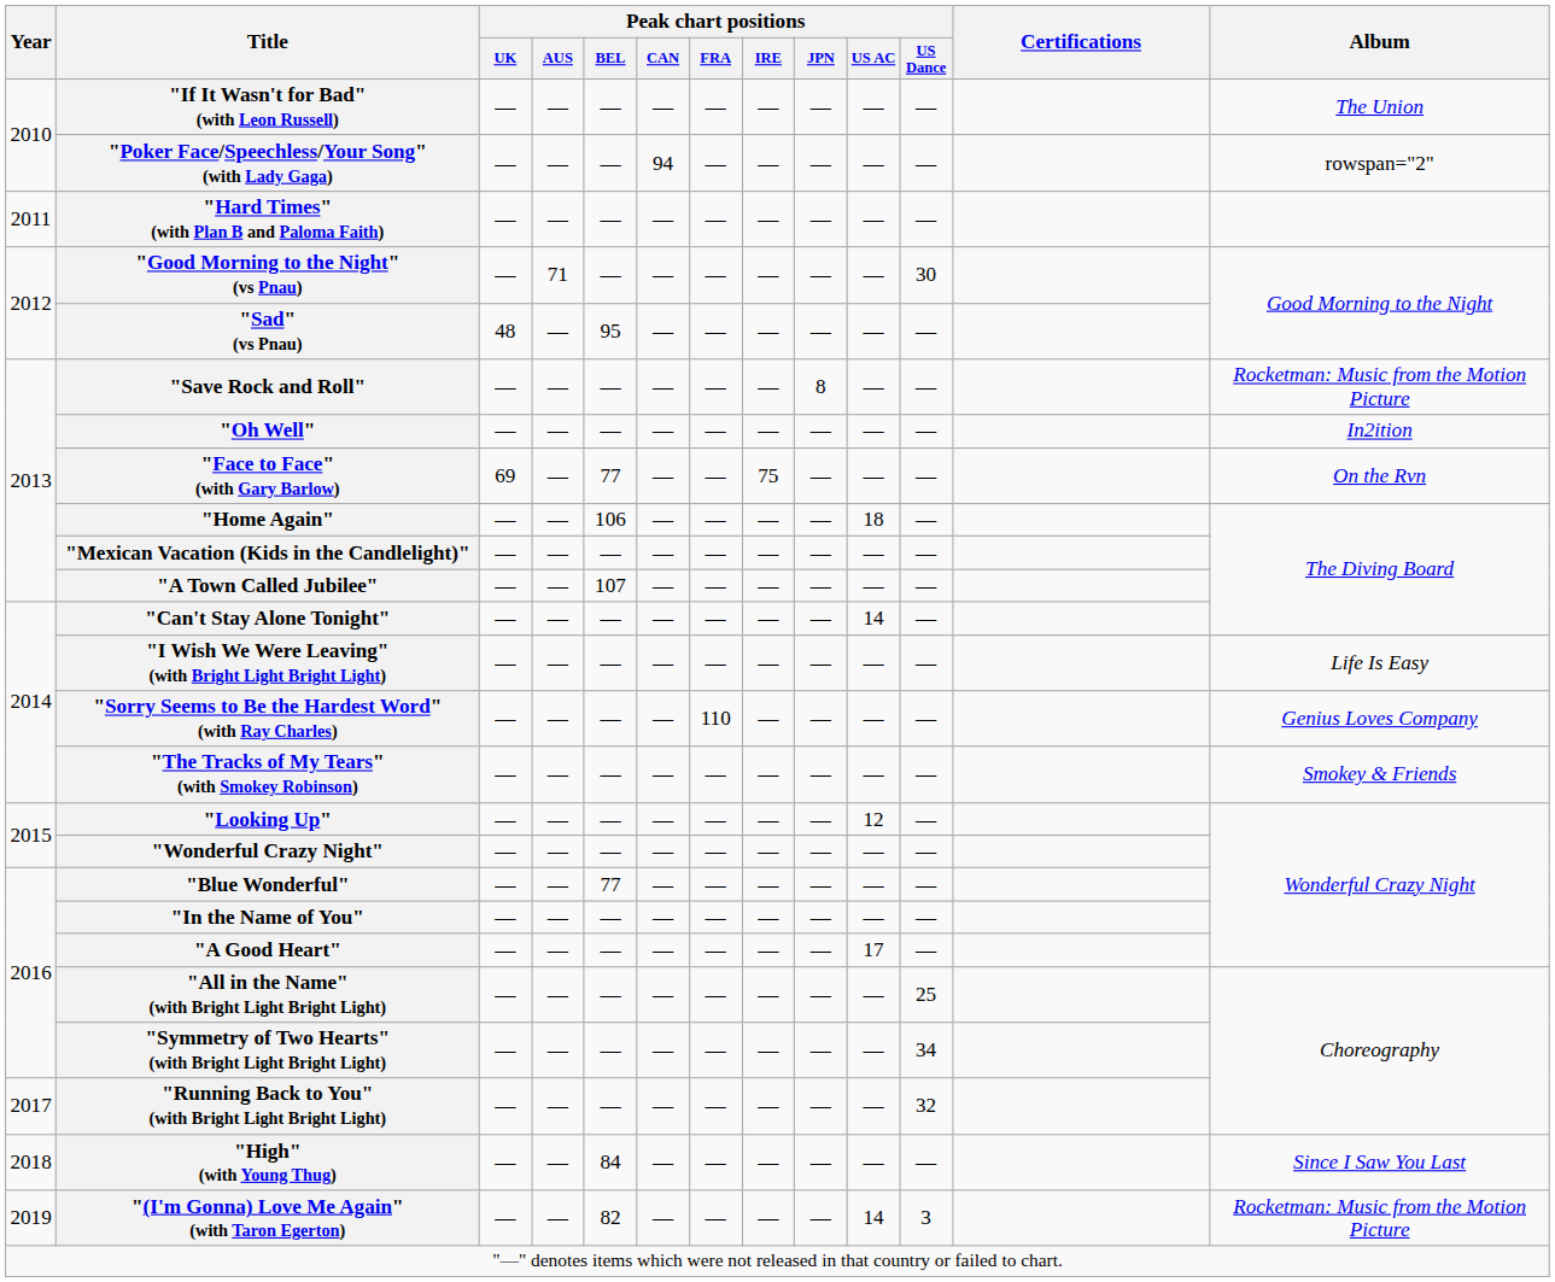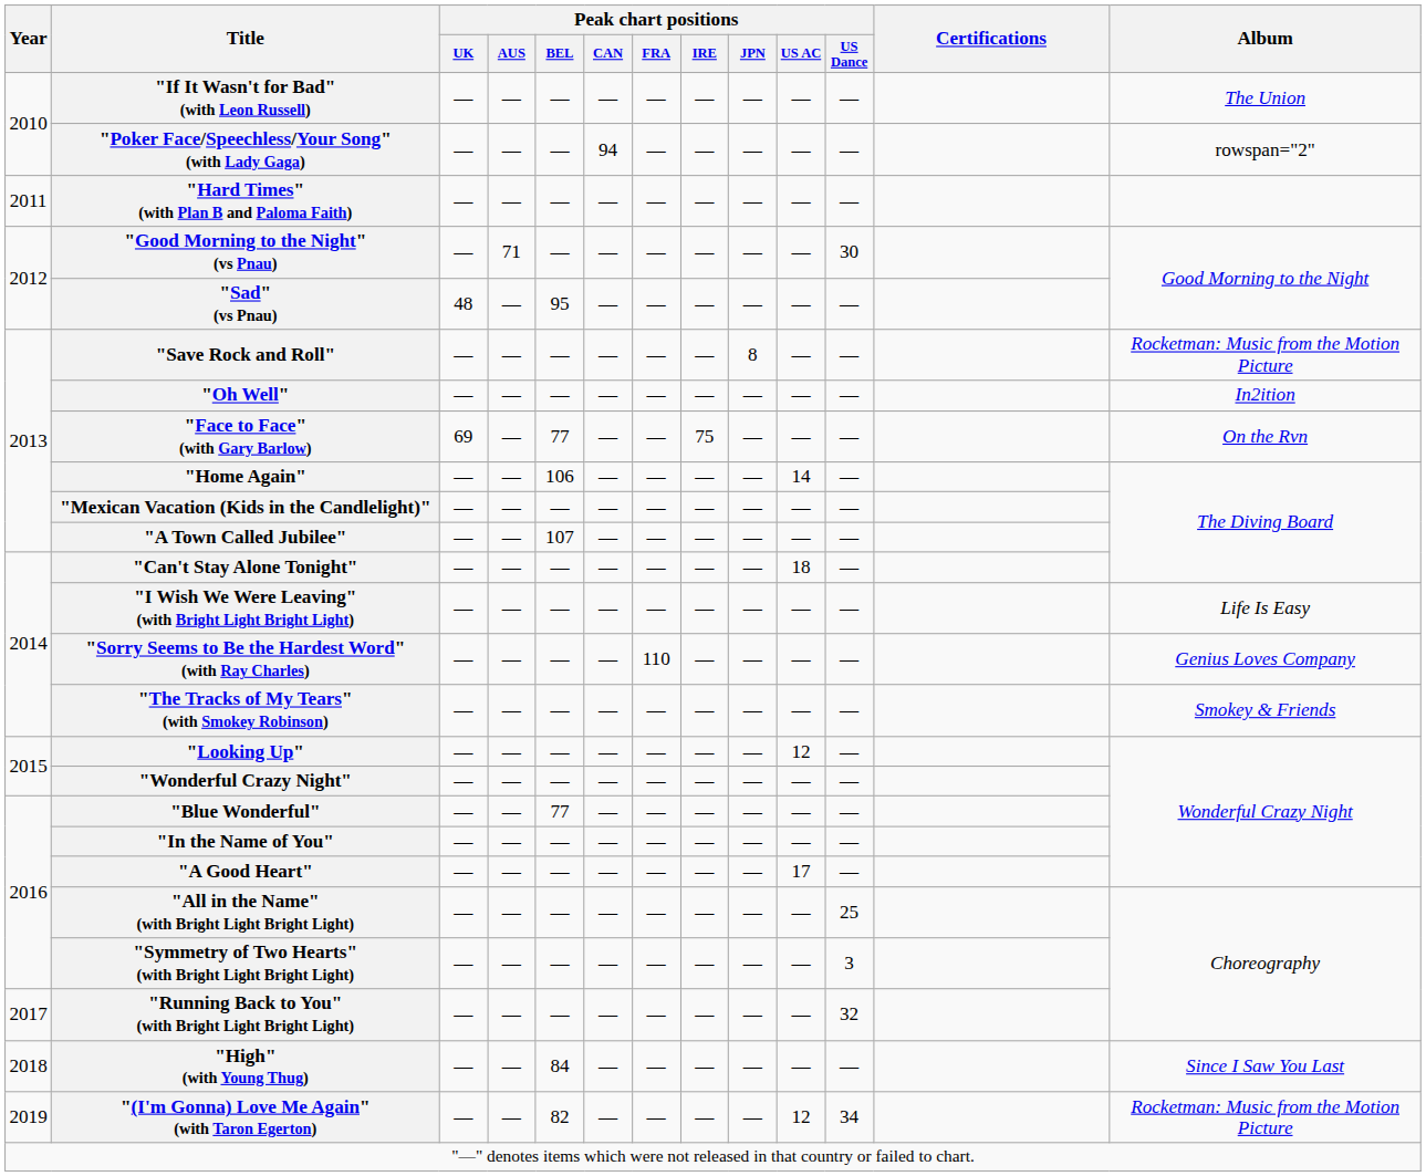 <table class="wikitable plainrowheaders" style="text-align:center;">
 <tr>
 <th scope="col" rowspan="2" style="width:1em;">Year</th>
 <th scope="col" rowspan="2" style="width:20em;">Title</th>
 <th scope="col" colspan="9">Peak chart positions</th>
 <th scope="col" rowspan="2" style="width:12em;"><a href='#'>Certifications</a></th>
 <th scope="col" rowspan="2" style="width:16em;">Album</th>
 </tr>
 <tr style="font-size:small;">
 <th scope="col" style="width:3em;font-size:90%"><a href='#'>UK</a><br></th>
 <th scope="col" style="width:3em;font-size:90%"><a href='#'>AUS</a><br></th>
 <th scope="col" style="width:3em;font-size:90%"><a href='#'>BEL</a><br></th>
 <th scope="col" style="width:3em;font-size:90%"><a href='#'>CAN</a><br></th>
 <th scope="col" style="width:3em;font-size:90%"><a href='#'>FRA</a><br></th>
 <th scope="col" style="width:3em;font-size:90%"><a href='#'>IRE</a><br></th>
 <th scope="col" style="width:3em;font-size:90%"><a href='#'>JPN</a><br></th>
 <th scope="col" style="width:3em;font-size:90%"><a href='#'>US AC</a><br></th>
 <th scope="col" style="width:3em;font-size:90%"><a href='#'>US Dance</a><br></th>
 </tr>
 <tr>
 <td rowspan="2">2010</td>
 <th scope="row">"If It Wasn't for Bad" <br><small>(with <a href='#'>Leon Russell</a>)</small></th>
 <td>—</td>
 <td>—</td>
 <td>—</td>
 <td>—</td>
 <td>—</td>
 <td>—</td>
 <td>—</td>
 <td>—</td>
 <td>—</td>
 <td></td>
 <td><em><a href='#'>The Union</a></em></td>
 </tr>
 <tr>
 <th scope="row">"<a href='#'>Poker Face</a>/<a href='#'>Speechless</a>/<a href='#'>Your Song</a>"<br><small>(with <a href='#'>Lady Gaga</a>)</small></th>
 <td>—</td>
 <td>—</td>
 <td>—</td>
 <td>94</td>
 <td>—</td>
 <td>—</td>
 <td>—</td>
 <td>—</td>
 <td>—</td>
 <td></td>
 <td>rowspan="2" </td>
 </tr>
 <tr>
 <td>2011</td>
 <th scope="row">"<a href='#'>Hard Times</a>" <br><small>(with <a href='#'>Plan B</a> and <a href='#'>Paloma Faith</a>)</small></th>
 <td>—</td>
 <td>—</td>
 <td>—</td>
 <td>—</td>
 <td>—</td>
 <td>—</td>
 <td>—</td>
 <td>—</td>
 <td>—</td>
 <td></td>
 </tr>
 <tr>
 <td rowspan="2">2012</td>
 <th scope="row">"<a href='#'>Good Morning to the Night</a>" <br><small>(vs <a href='#'>Pnau</a>)</small></th>
 <td>—</td>
 <td>71</td>
 <td>—</td>
 <td>—</td>
 <td>—</td>
 <td>—</td>
 <td>—</td>
 <td>—</td>
 <td>30</td>
 <td></td>
 <td rowspan="2"><em><a href='#'>Good Morning to the Night</a></em></td>
 </tr>
 <tr>
 <th scope="row">"<a href='#'>Sad</a>" <br><small>(vs Pnau)</small></th>
 <td>48</td>
 <td>—</td>
 <td>95</td>
 <td>—</td>
 <td>—</td>
 <td>—</td>
 <td>—</td>
 <td>—</td>
 <td>—</td>
 <td></td>
 </tr>
 <tr>
 <td rowspan="6">2013</td>
 <th scope="row">"Save Rock and Roll"<br></th>
 <td>—</td>
 <td>—</td>
 <td>—</td>
 <td>—</td>
 <td>—</td>
 <td>—</td>
 <td>8</td>
 <td>—</td>
 <td>—</td>
 <td></td>
 <td><em><a href='#'>Rocketman: Music from the Motion Picture</a></em></td>
 </tr>
 <tr>
 <th scope="row">"<a href='#'>Oh Well</a>"<br></th>
 <td>—</td>
 <td>—</td>
 <td>—</td>
 <td>—</td>
 <td>—</td>
 <td>—</td>
 <td>—</td>
 <td>—</td>
 <td>—</td>
 <td></td>
 <td><em><a href='#'>In2ition</a></em></td>
 </tr>
 <tr>
 <th scope="row">"<a href='#'>Face to Face</a>"<br><small> (with <a href='#'>Gary Barlow</a>)</small></th>
 <td>69</td>
 <td>—</td>
 <td>77</td>
 <td>—</td>
 <td>—</td>
 <td>75</td>
 <td>—</td>
 <td>—</td>
 <td>—</td>
 <td></td>
 <td><em><a href='#'>On the Rvn</a></em></td>
 </tr>
 <tr>
 <th scope="row">"Home Again"</th>
 <td>—</td>
 <td>—</td>
 <td>106</td>
 <td>—</td>
 <td>—</td>
 <td>—</td>
 <td>—</td>
-<td>18</td>
+<td>14</td>
 <td>—</td>
 <td></td>
 <td rowspan="4"><em><a href='#'>The Diving Board</a></em></td>
 </tr>
 <tr>
 <th scope="row">"Mexican Vacation (Kids in the Candlelight)"</th>
 <td>—</td>
 <td>—</td>
 <td>—</td>
 <td>—</td>
 <td>—</td>
 <td>—</td>
 <td>—</td>
 <td>—</td>
 <td>—</td>
 <td></td>
 </tr>
 <tr>
 <th scope="row">"A Town Called Jubilee"</th>
 <td>—</td>
 <td>—</td>
 <td>107</td>
 <td>—</td>
 <td>—</td>
 <td>—</td>
 <td>—</td>
 <td>—</td>
 <td>—</td>
 <td></td>
 </tr>
 <tr>
 <td rowspan="4">2014</td>
 <th scope="row">"Can't Stay Alone Tonight"</th>
 <td>—</td>
 <td>—</td>
 <td>—</td>
 <td>—</td>
 <td>—</td>
 <td>—</td>
 <td>—</td>
-<td>14</td>
+<td>18</td>
 <td>—</td>
 <td></td>
 </tr>
 <tr>
 <th scope="row">"I Wish We Were Leaving"<br><small> (with <a href='#'>Bright Light Bright Light</a>)</small></th>
 <td>—</td>
 <td>—</td>
 <td>—</td>
 <td>—</td>
 <td>—</td>
 <td>—</td>
 <td>—</td>
 <td>—</td>
 <td>—</td>
 <td></td>
 <td><em>Life Is Easy</em></td>
 </tr>
 <tr>
 <th scope="row">"<a href='#'>Sorry Seems to Be the Hardest Word</a>"<br><small>(with <a href='#'>Ray Charles</a>)</small></th>
 <td>—</td>
 <td>—</td>
 <td>—</td>
 <td>—</td>
 <td>110</td>
 <td>—</td>
 <td>—</td>
 <td>—</td>
 <td>—</td>
 <td></td>
 <td><em><a href='#'>Genius Loves Company</a></em></td>
 </tr>
 <tr>
 <th scope="row">"<a href='#'>The Tracks of My Tears</a>"<br><small>(with <a href='#'>Smokey Robinson</a>)</small></th>
 <td>—</td>
 <td>—</td>
 <td>—</td>
 <td>—</td>
 <td>—</td>
 <td>—</td>
 <td>—</td>
 <td>—</td>
 <td>—</td>
 <td></td>
 <td><em><a href='#'>Smokey & Friends</a></em></td>
 </tr>
 <tr>
 <td rowspan="2">2015</td>
 <th scope="row">"<a href='#'>Looking Up</a>"</th>
 <td>—</td>
 <td>—</td>
 <td>—</td>
 <td>—</td>
 <td>—</td>
 <td>—</td>
 <td>—</td>
 <td>12</td>
 <td>—</td>
 <td></td>
 <td rowspan="5"><em><a href='#'>Wonderful Crazy Night</a></em></td>
 </tr>
 <tr>
 <th scope="row">"Wonderful Crazy Night"</th>
 <td>—</td>
 <td>—</td>
 <td>—</td>
 <td>—</td>
 <td>—</td>
 <td>—</td>
 <td>—</td>
 <td>—</td>
 <td>—</td>
 <td></td>
 </tr>
 <tr>
 <td rowspan="5">2016</td>
 <th scope="row">"Blue Wonderful"</th>
 <td>—</td>
 <td>—</td>
 <td>77</td>
 <td>—</td>
 <td>—</td>
 <td>—</td>
 <td>—</td>
 <td>—</td>
 <td>—</td>
 <td></td>
 </tr>
 <tr>
 <th scope="row">"In the Name of You"</th>
 <td>—</td>
 <td>—</td>
 <td>—</td>
 <td>—</td>
 <td>—</td>
 <td>—</td>
 <td>—</td>
 <td>—</td>
 <td>—</td>
 <td></td>
 </tr>
 <tr>
 <th scope="row">"A Good Heart"</th>
 <td>—</td>
 <td>—</td>
 <td>—</td>
 <td>—</td>
 <td>—</td>
 <td>—</td>
 <td>—</td>
 <td>17</td>
 <td>—</td>
 <td></td>
 </tr>
 <tr>
 <th scope="row">"All in the Name"<br><small> (with Bright Light Bright Light)</small></th>
 <td>—</td>
 <td>—</td>
 <td>—</td>
 <td>—</td>
 <td>—</td>
 <td>—</td>
 <td>—</td>
 <td>—</td>
 <td>25</td>
 <td></td>
 <td rowspan="3"><em>Choreography</em></td>
 </tr>
 <tr>
 <th scope="row">"Symmetry of Two Hearts"<br><small> (with Bright Light Bright Light)</small></th>
 <td>—</td>
 <td>—</td>
 <td>—</td>
 <td>—</td>
 <td>—</td>
 <td>—</td>
 <td>—</td>
 <td>—</td>
-<td>34</td>
+<td>3</td>
 <td></td>
 </tr>
 <tr>
 <td>2017</td>
 <th scope="row">"Running Back to You"<br><small> (with Bright Light Bright Light)</small></th>
 <td>—</td>
 <td>—</td>
 <td>—</td>
 <td>—</td>
 <td>—</td>
 <td>—</td>
 <td>—</td>
 <td>—</td>
 <td>32</td>
 <td></td>
 </tr>
 <tr>
 <td>2018</td>
 <th scope="row">"High" <br><small>(with <a href='#'>Young Thug</a>)</small></th>
 <td>—</td>
 <td>—</td>
 <td>84</td>
 <td>—</td>
 <td>—</td>
 <td>—</td>
 <td>—</td>
 <td>—</td>
 <td>—</td>
 <td></td>
 <td><em><a href='#'>Since I Saw You Last</a></em></td>
 </tr>
 <tr>
 <td>2019</td>
 <th scope="row">"<a href='#'>(I'm Gonna) Love Me Again</a>" <br><small>(with <a href='#'>Taron Egerton</a>)</small></th>
 <td>—</td>
 <td>—</td>
 <td>82</td>
 <td>—</td>
 <td>—</td>
 <td>—</td>
 <td>—</td>
-<td>14</td>
-<td>3</td>
+<td>12</td>
+<td>34</td>
 <td></td>
 <td><em><a href='#'>Rocketman: Music from the Motion Picture</a></em></td>
 </tr>
 <tr>
 <td colspan="16"  style="text-align:center; font-size:90%;">"—" denotes items which were not released in that country or failed to chart.</td>
 </tr>
 </table>
